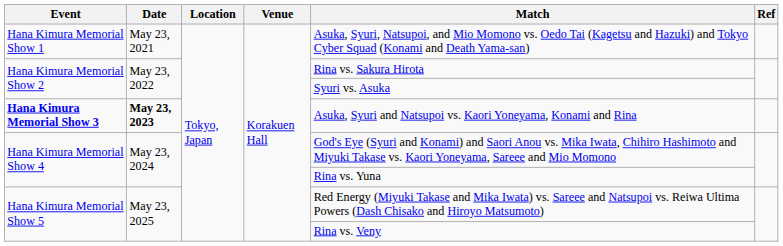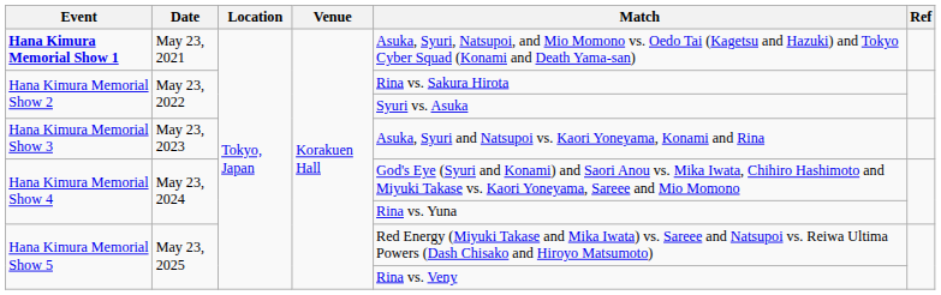 <table class="wikitable" style="font-size:85%;">
 <tr>
 <th>Event</th>
 <th>Date</th>
 <th>Location</th>
 <th>Venue</th>
 <th>Match</th>
 <th>Ref</th>
 </tr>
 <tr>
-<td><a href='#'>Hana Kimura Memorial Show 1</a></td>
+<td><strong><a href='#'>Hana Kimura Memorial Show 1</a></strong></td>
 <td>May 23, 2021</td>
 <td rowspan=8><a href='#'>Tokyo, Japan</a></td>
 <td rowspan=8><a href='#'>Korakuen Hall</a></td>
 <td><a href='#'>Asuka</a>, <a href='#'>Syuri</a>, <a href='#'>Natsupoi</a>, and <a href='#'>Mio Momono</a> vs. <a href='#'>Oedo Tai</a> (<a href='#'>Kagetsu</a> and <a href='#'>Hazuki</a>) and <a href='#'>Tokyo Cyber Squad</a> (<a href='#'>Konami</a> and <a href='#'>Death Yama-san</a>)</td>
 <td></td>
 </tr>
 <tr>
 <td rowspan="2"><a href='#'>Hana Kimura Memorial Show 2</a></td>
 <td rowspan="2">May 23, 2022</td>
 <td><a href='#'>Rina</a> vs. <a href='#'>Sakura Hirota</a></td>
 <td rowspan="2"></td>
 </tr>
 <tr>
 <td><a href='#'>Syuri</a> vs. <a href='#'>Asuka</a></td>
 </tr>
 <tr>
-<td><strong><a href='#'>Hana Kimura Memorial Show 3</a></strong></td>
-<td><strong>May 23, 2023</strong></td>
+<td><a href='#'>Hana Kimura Memorial Show 3</a></td>
+<td>May 23, 2023</td>
 <td><a href='#'>Asuka</a>, <a href='#'>Syuri</a> and <a href='#'>Natsupoi</a> vs. <a href='#'>Kaori Yoneyama</a>, <a href='#'>Konami</a> and <a href='#'>Rina</a></td>
 <td></td>
 </tr>
 <tr>
 <td rowspan="2"><a href='#'>Hana Kimura Memorial Show 4</a></td>
 <td rowspan="2">May 23, 2024</td>
 <td><a href='#'>God's Eye</a> (<a href='#'>Syuri</a> and <a href='#'>Konami</a>) and <a href='#'>Saori Anou</a> vs. <a href='#'>Mika Iwata</a>, <a href='#'>Chihiro Hashimoto</a> and <a href='#'>Miyuki Takase</a> vs. <a href='#'>Kaori Yoneyama</a>, <a href='#'>Sareee</a> and <a href='#'>Mio Momono</a></td>
 <td rowspan="2"></td>
 </tr>
 <tr>
 <td><a href='#'>Rina</a> vs. Yuna</td>
 </tr>
 <tr>
 <td rowspan="2"><a href='#'>Hana Kimura Memorial Show 5</a></td>
 <td rowspan="2">May 23, 2025</td>
 <td>Red Energy (<a href='#'>Miyuki Takase</a> and <a href='#'>Mika Iwata</a>) vs. <a href='#'>Sareee</a> and <a href='#'>Natsupoi</a> vs. Reiwa Ultima Powers (<a href='#'>Dash Chisako</a> and <a href='#'>Hiroyo Matsumoto</a>)</td>
 <td rowspan="2"></td>
 </tr>
 <tr>
 <td><a href='#'>Rina</a> vs. <a href='#'>Veny</a></td>
 </tr>
 </table>
